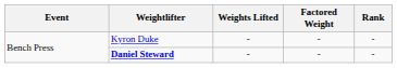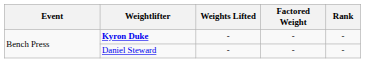 <table class="wikitable" style="font-size:90%">
 <tr>
 <th width=150>Event</th>
 <th width=150>Weightlifter</th>
 <th width=100>Weights Lifted</th>
 <th width=100>Factored Weight</th>
 <th width=50>Rank</th>
 </tr>
 <tr>
 <td rowspan=2>Bench Press</td>
-<td><a href='#'>Kyron Duke</a></td>
+<td><strong><a href='#'>Kyron Duke</a></strong></td>
 <td align="center">-</td>
 <td align="center">-</td>
 <td align="center">-</td>
 </tr>
 <tr>
-<td><strong><a href='#'>Daniel Steward</a></strong></td>
+<td><a href='#'>Daniel Steward</a></td>
 <td align="center">-</td>
 <td align="center">-</td>
 <td align="center">-</td>
 </tr>
 </table>
